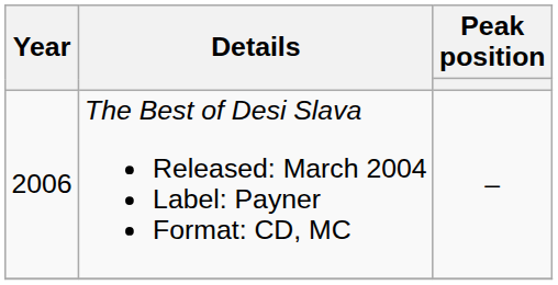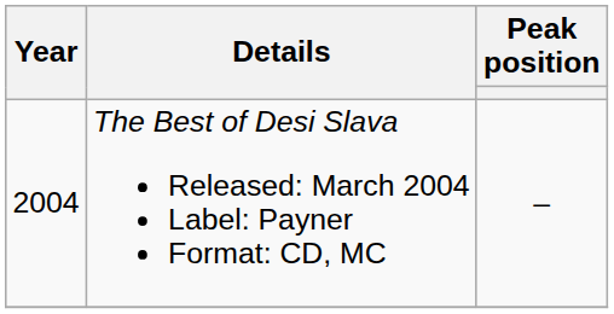 <table class="wikitable">
 <tr>
 <th rowspan="2">Year</th>
 <th rowspan="2">Details</th>
 <th>Peak position</th>
 </tr>
 <tr style="font-size:smaller;">
 <th width="10"></th>
 </tr>
 <tr>
-<td>2006</td>
+<td>2004</td>
 <td><em>The Best of Desi Slava</em><br><ul><li>Released: March 2004</li><li>Label: Payner</li><li>Format: CD, MC</li></ul></td>
 <td align="center">–</td>
 </tr>
 <tr>
 </tr>
 </table>
